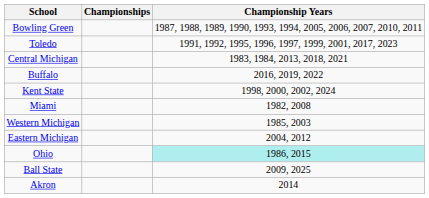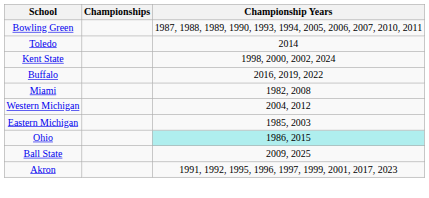 <table class="wikitable sortable" style="text-align:center">
 <tr>
 <th width=px>School</th>
 <th width=px>Championships</th>
 <th width=px>Championship Years</th>
 </tr>
 <tr>
 <td><a href='#'>Bowling Green</a></td>
 <td></td>
 <td>1987, 1988, 1989, 1990, 1993, 1994, 2005, 2006, 2007, 2010, 2011</td>
 </tr>
 <tr>
 <td><a href='#'>Toledo</a></td>
 <td></td>
-<td>1991, 1992, 1995, 1996, 1997, 1999, 2001, 2017, 2023</td>
+<td>2014</td>
 </tr>
 <tr>
-<td><a href='#'>Central Michigan</a></td>
+<td><a href='#'>Kent State</a></td>
 <td></td>
-<td>1983, 1984, 2013, 2018, 2021</td>
+<td>1998, 2000, 2002, 2024</td>
 </tr>
 <tr>
 <td><a href='#'>Buffalo</a></td>
 <td></td>
 <td>2016, 2019, 2022</td>
-</tr>
-<tr>
-<td><a href='#'>Kent State</a></td>
-<td></td>
-<td>1998, 2000, 2002, 2024</td>
 </tr>
 <tr>
 <td><a href='#'>Miami</a></td>
 <td></td>
 <td>1982, 2008</td>
 </tr>
 <tr>
 <td><a href='#'>Western Michigan</a></td>
 <td></td>
-<td>1985, 2003</td>
+<td>2004, 2012</td>
 </tr>
 <tr>
 <td><a href='#'>Eastern Michigan</a></td>
 <td></td>
-<td>2004, 2012</td>
+<td>1985, 2003</td>
 </tr>
 <tr>
 <td><a href='#'>Ohio</a></td>
 <td></td>
 <td style="background: paleturquoise;">1986, 2015</td>
 </tr>
 <tr>
 <td><a href='#'>Ball State</a></td>
 <td></td>
 <td>2009, 2025</td>
 </tr>
 <tr>
 <td><a href='#'>Akron</a></td>
 <td></td>
-<td>2014</td>
+<td>1991, 1992, 1995, 1996, 1997, 1999, 2001, 2017, 2023</td>
 </tr>
 </table>
